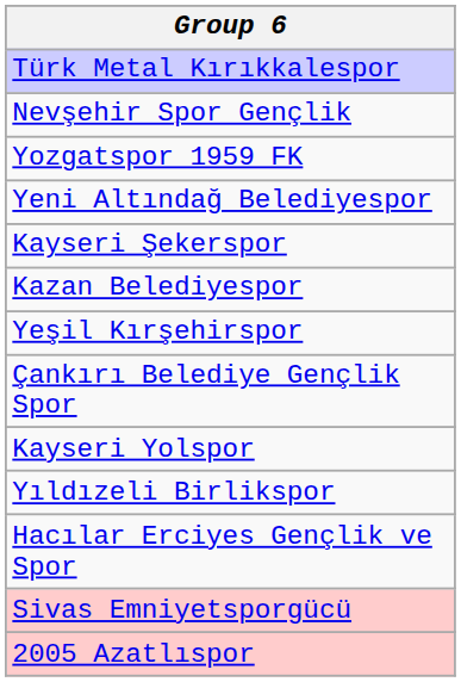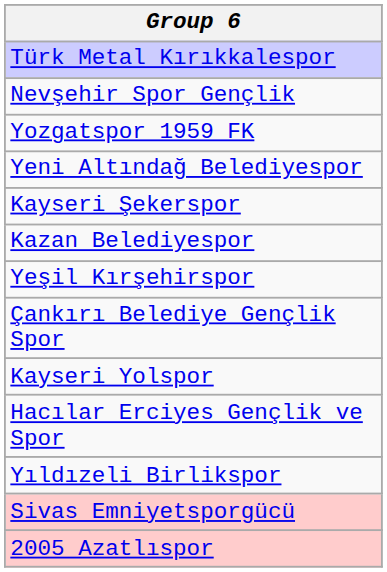 <table class="wikitable collapsible collapsed" style="font-size:95%;">
 <tr>
 <th colspan="1" width="200"><em>Group 6</em></th>
 </tr>
 <tr>
 <td style="background:#ccccff;"><a href='#'>Türk Metal Kırıkkalespor</a></td>
 </tr>
 <tr>
 <td><a href='#'>Nevşehir Spor Gençlik</a></td>
 </tr>
 <tr>
 <td><a href='#'>Yozgatspor 1959 FK</a></td>
 </tr>
 <tr>
 <td><a href='#'>Yeni Altındağ Belediyespor</a></td>
 </tr>
 <tr>
 <td><a href='#'>Kayseri Şekerspor</a></td>
 </tr>
 <tr>
 <td><a href='#'>Kazan Belediyespor</a></td>
 </tr>
 <tr>
 <td><a href='#'>Yeşil Kırşehirspor</a></td>
 </tr>
 <tr>
 <td><a href='#'>Çankırı Belediye Gençlik Spor</a></td>
 </tr>
 <tr>
 <td><a href='#'>Kayseri Yolspor</a></td>
 </tr>
 <tr>
-<td><a href='#'>Yıldızeli Birlikspor</a></td>
+<td><a href='#'>Hacılar Erciyes Gençlik ve Spor</a></td>
 </tr>
 <tr>
-<td><a href='#'>Hacılar Erciyes Gençlik ve Spor</a></td>
+<td><a href='#'>Yıldızeli Birlikspor</a></td>
 </tr>
 <tr>
 <td style="background:#fcc;"><a href='#'>Sivas Emniyetsporgücü</a></td>
 </tr>
 <tr>
 <td style="background:#fcc;"><a href='#'>2005 Azatlıspor</a></td>
 </tr>
 </table>
